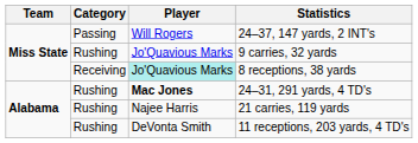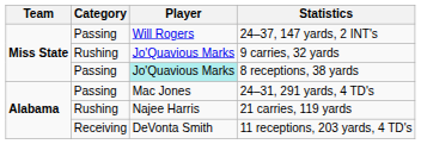 <table class="wikitable" style="float: right;">
 <tr>
 <th>Team</th>
 <th>Category</th>
 <th>Player</th>
 <th>Statistics</th>
 </tr>
 <tr>
 <td rowspan=3><strong>Miss State</strong></td>
 <td>Passing</td>
 <td><a href='#'>Will Rogers</a></td>
 <td>24–37, 147 yards, 2 INT's</td>
 </tr>
 <tr>
 <td>Rushing</td>
 <td><a href='#'>Jo'Quavious Marks</a></td>
 <td>9 carries, 32 yards</td>
 </tr>
 <tr>
-<td>Receiving</td>
+<td>Passing</td>
 <td style="background: paleturquoise;">Jo'Quavious Marks</td>
 <td>8 receptions, 38 yards</td>
 </tr>
 <tr>
 <td rowspan=3><strong>Alabama</strong></td>
-<td>Rushing</td>
-<td><strong>Mac Jones</strong></td>
+<td>Passing</td>
+<td>Mac Jones</td>
 <td>24–31, 291 yards, 4 TD's</td>
 </tr>
 <tr>
 <td>Rushing</td>
 <td>Najee Harris</td>
 <td>21 carries, 119 yards</td>
 </tr>
 <tr>
-<td>Rushing</td>
+<td>Receiving</td>
 <td>DeVonta Smith</td>
 <td>11 receptions, 203 yards, 4 TD's</td>
 </tr>
 </table>
